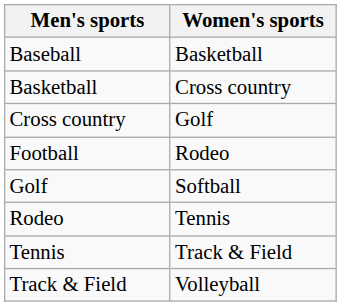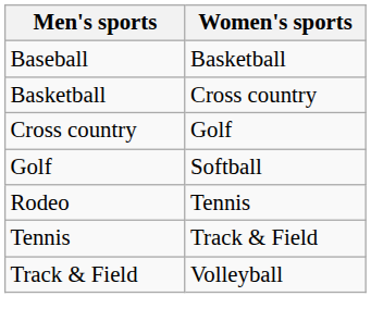 <table class= wikitable>
 <tr>
 <th width=120px>Men's sports</th>
 <th width=120px>Women's sports</th>
 </tr>
 <tr>
 <td>Baseball</td>
 <td>Basketball</td>
 </tr>
 <tr>
 <td>Basketball</td>
 <td>Cross country</td>
 </tr>
 <tr>
 <td>Cross country</td>
 <td>Golf</td>
 </tr>
 <tr>
-<td>Football</td>
-<td>Rodeo</td>
-</tr>
-<tr>
 <td>Golf</td>
 <td>Softball</td>
 </tr>
 <tr>
 <td>Rodeo</td>
 <td>Tennis</td>
 </tr>
 <tr>
 <td>Tennis</td>
 <td>Track & Field</td>
 </tr>
 <tr>
 <td>Track & Field</td>
 <td>Volleyball</td>
 </tr>
 </table>
